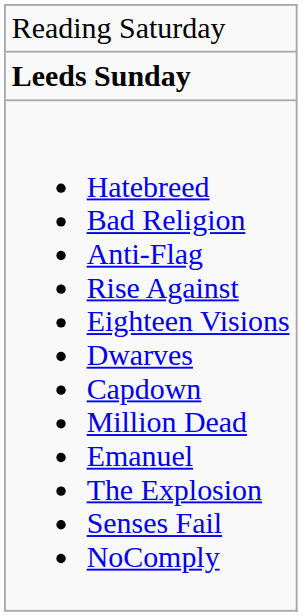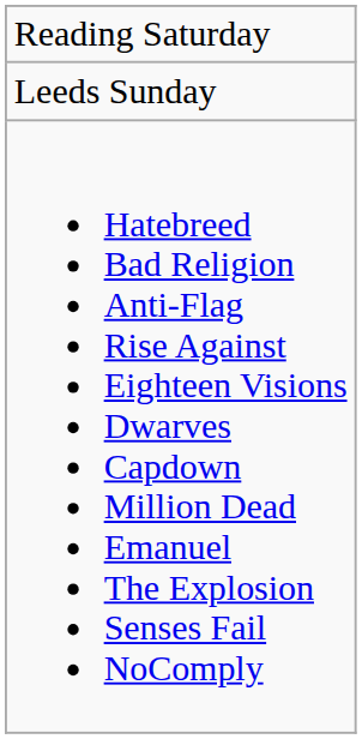 <table class="wikitable">
 <tr>
 <td>Reading Saturday</td>
 </tr>
 <tr>
-<td><strong>Leeds Sunday</strong></td>
+<td>Leeds Sunday</td>
 </tr>
 <tr>
 <td><br><ul><li><a href='#'>Hatebreed</a></li><li><a href='#'>Bad Religion</a></li><li><a href='#'>Anti-Flag</a></li><li><a href='#'>Rise Against</a></li><li><a href='#'>Eighteen Visions</a></li><li><a href='#'>Dwarves</a></li><li><a href='#'>Capdown</a></li><li><a href='#'>Million Dead</a></li><li><a href='#'>Emanuel</a></li><li><a href='#'>The Explosion</a></li><li><a href='#'>Senses Fail</a></li><li><a href='#'>NoComply</a></li></ul></td>
 </tr>
 </table>
